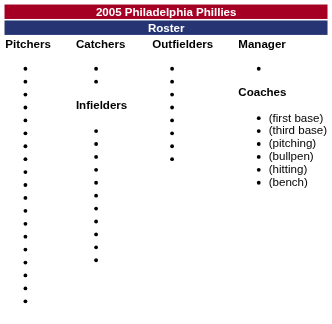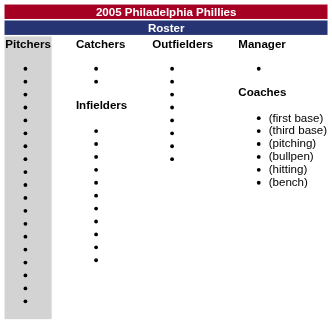 <table class="toccolours" style="font-size: 95%;">
 <tr>
 <th colspan="10" style="background:#a50024; color:#fff; text-align:center;">2005 Philadelphia Phillies</th>
 </tr>
 <tr>
 <td colspan="10" style="background:#263473; color:white; text-align:center;"><strong>Roster</strong></td>
 </tr>
 <tr>
-<td valign="top"><strong>Pitchers</strong><br><ul><li></li><li></li><li></li><li></li><li></li><li></li><li></li><li></li><li></li><li></li><li></li><li></li><li></li><li></li><li></li><li></li><li></li><li></li><li></li></ul></td>
+<td valign="top" style="background: lightgrey;"><strong>Pitchers</strong><br><ul><li></li><li></li><li></li><li></li><li></li><li></li><li></li><li></li><li></li><li></li><li></li><li></li><li></li><li></li><li></li><li></li><li></li><li></li><li></li></ul></td>
 <td style="width:25px;"></td>
 <td valign="top"><strong>Catchers</strong><br><ul><li></li><li></li></ul><strong>Infielders</strong><ul><li></li><li></li><li></li><li></li><li></li><li></li><li></li><li></li><li></li><li></li><li></li></ul></td>
 <td style="width:25px;"></td>
 <td valign="top"><strong>Outfielders</strong><br><ul><li></li><li></li><li></li><li></li><li></li><li></li><li></li><li></li></ul></td>
 <td style="width:25px;"></td>
 <td valign="top"><strong>Manager</strong><br><ul><li></li></ul><strong>Coaches</strong><ul><li> (first base)</li><li> (third base)</li><li> (pitching)</li><li> (bullpen)</li><li> (hitting)</li><li> (bench)</li></ul></td>
 </tr>
 </table>
